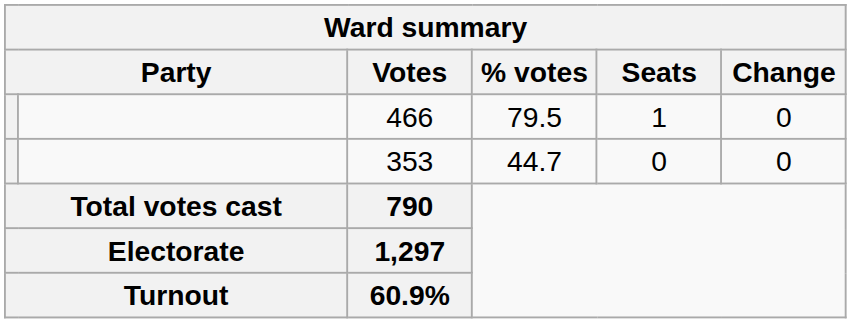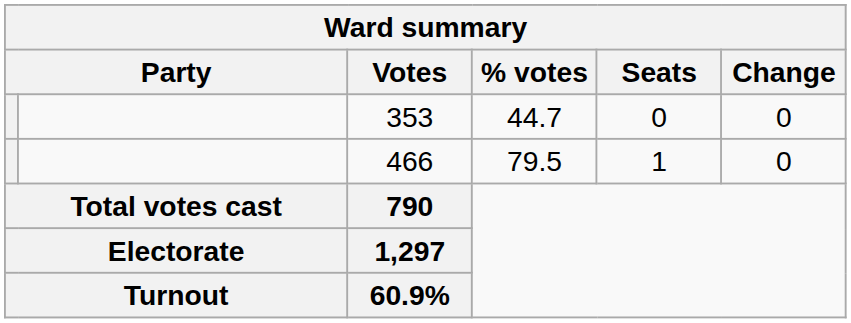 <table class="wikitable" style="font-size: 95%;">
 <tr style="background-color:#E9E9E9">
 <th colspan="6">Ward summary</th>
 </tr>
 <tr style="background-color:#E9E9E9">
 <th colspan="2">Party</th>
 <th style="width: 60px">Votes</th>
 <th style="width: 60px">% votes</th>
 <th style="width: 60px">Seats</th>
 <th style="width: 60px">Change</th>
 </tr>
 <tr>
 <th style="background-color: "></th>
 <td style="width: 170px"><a href='#'></a></td>
-<td align="center">466</td>
-<td align="center">79.5</td>
-<td align="center">1</td>
+<td align="center">353</td>
+<td align="center">44.7</td>
+<td align="center">0</td>
 <td align="center">0</td>
 </tr>
 <tr>
 <th style="background-color: "></th>
 <td style="width: 170px"><a href='#'></a></td>
-<td align="center">353</td>
-<td align="center">44.7</td>
-<td align="center">0</td>
+<td align="center">466</td>
+<td align="center">79.5</td>
+<td align="center">1</td>
 <td align="center">0</td>
 </tr>
 <tr style="background-color:#E9E9E9">
 <th colspan="2">Total votes cast</th>
 <th style="width: 60px">790</th>
 </tr>
 <tr style="background-color:#E9E9E9">
 <th colspan="2">Electorate</th>
 <th style="width: 60px">1,297</th>
 </tr>
 <tr style="background-color:#E9E9E9">
 <th colspan="2">Turnout</th>
 <th style="width: 60px">60.9%</th>
 </tr>
 </table>
